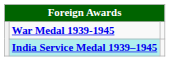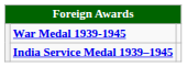 <table class="wikitable">
 <tr>
 <th colspan="3" style="background:#006400; color:#FFFFFF; text-align:center"><strong>Foreign Awards</strong></th>
 </tr>
 <tr>
 <th rowspan="2"><strong></strong></th>
 <td><strong><a href='#'>War Medal 1939-1945</a></strong></td>
 <td></td>
 </tr>
 <tr>
-<td style="background: paleturquoise;"><a href='#'><strong>India Service Medal 1939–1945</strong></a></td>
+<td><a href='#'><strong>India Service Medal 1939–1945</strong></a></td>
 <td></td>
 </tr>
 </table>
